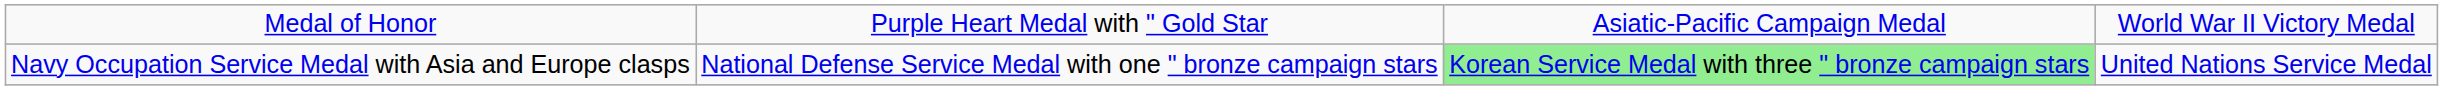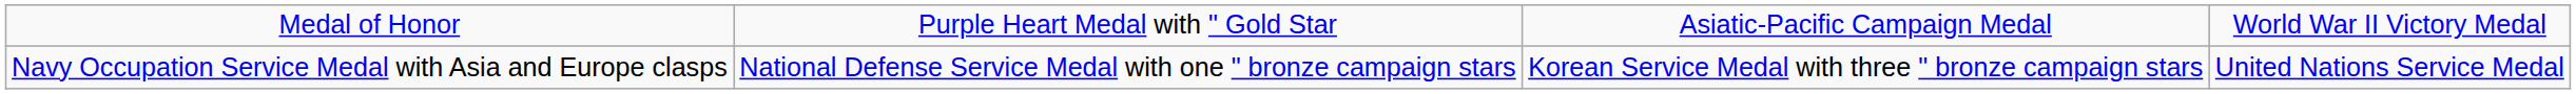 <table class="wikitable" style="margin:1em auto; text-align:center;">
 <tr>
 <td><a href='#'>Medal of Honor</a></td>
 <td><a href='#'>Purple Heart Medal</a> with <a href='#'>" Gold Star</a></td>
 <td><a href='#'>Asiatic-Pacific Campaign Medal</a></td>
 <td><a href='#'>World War II Victory Medal</a></td>
 </tr>
 <tr>
 <td><a href='#'>Navy Occupation Service Medal</a> with Asia and Europe clasps</td>
 <td><a href='#'>National Defense Service Medal</a> with one <a href='#'>" bronze campaign stars</a></td>
-<td style="background: lightgreen;"><a href='#'>Korean Service Medal</a> with three <a href='#'>" bronze campaign stars</a></td>
+<td><a href='#'>Korean Service Medal</a> with three <a href='#'>" bronze campaign stars</a></td>
 <td><a href='#'>United Nations Service Medal</a></td>
 </tr>
 </table>
